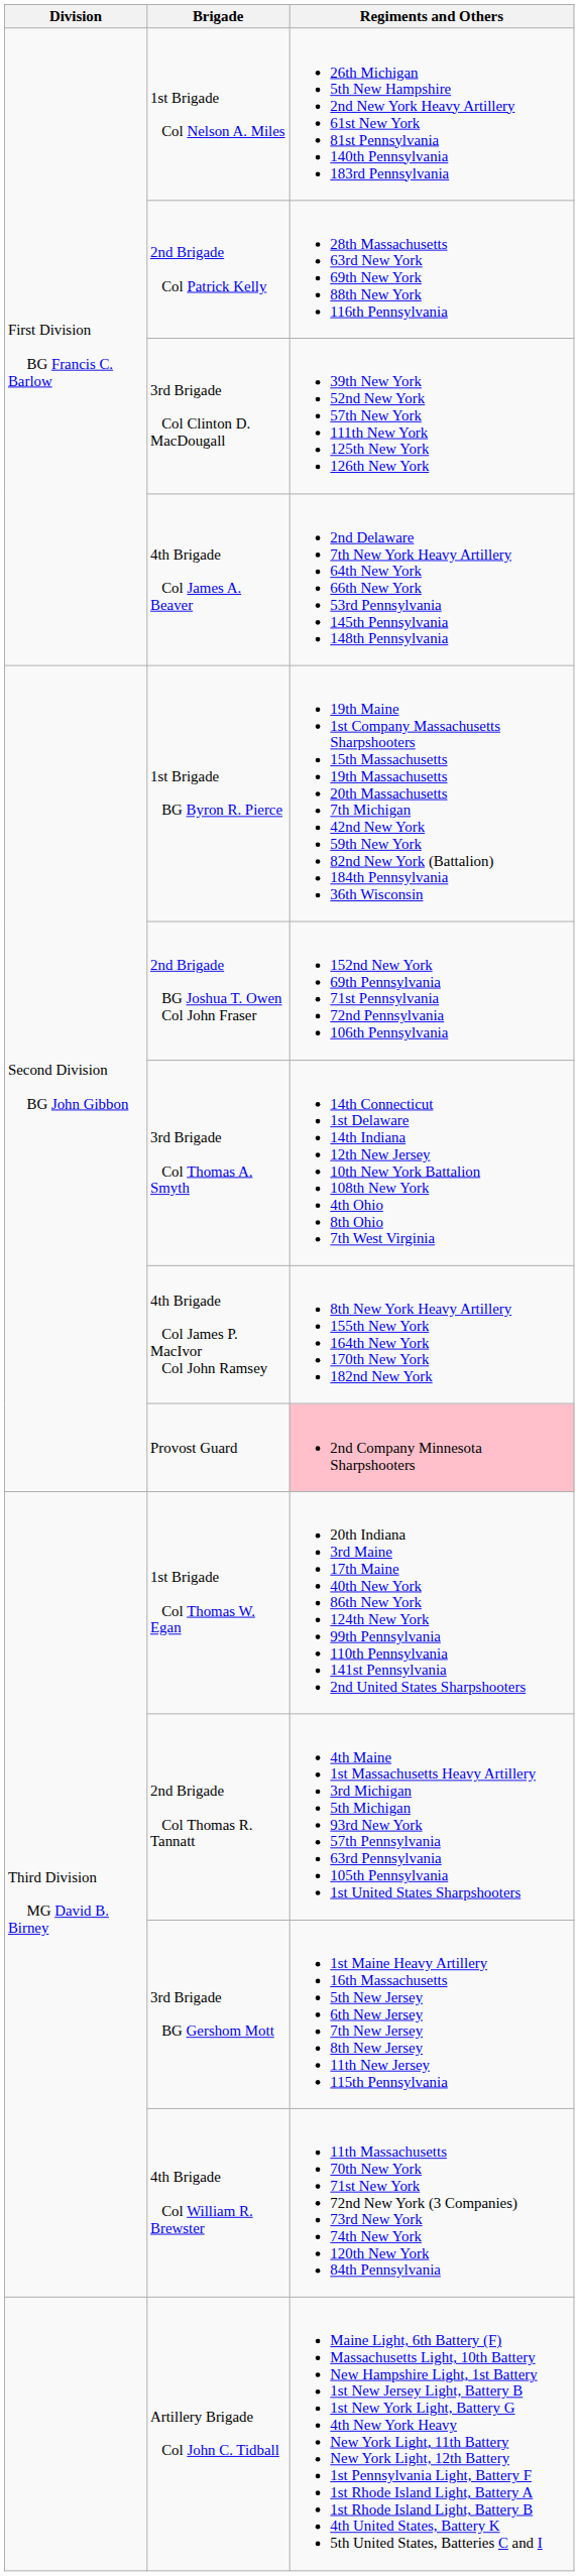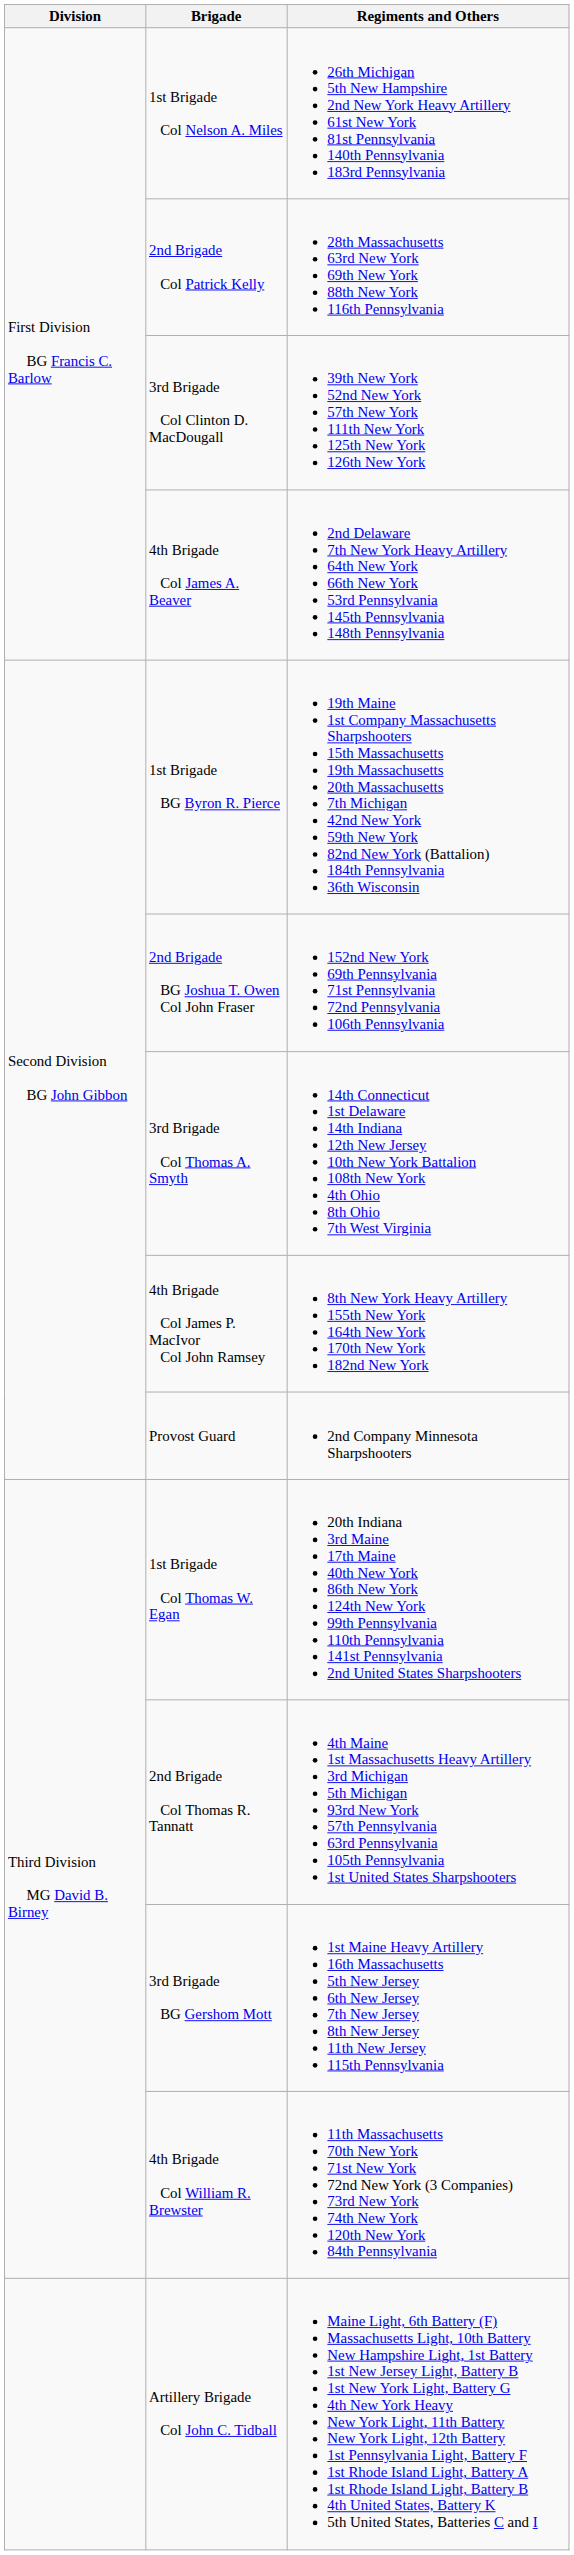 <table class="wikitable">
 <tr>
 <th width=25%>Division</th>
 <th width=25%>Brigade</th>
 <th>Regiments and Others</th>
 </tr>
 <tr>
 <td rowspan=4><br>First Division<br> <br>     BG <a href='#'>Francis C. Barlow</a></td>
 <td>1st Brigade<br><br>   Col <a href='#'>Nelson A. Miles</a></td>
 <td><br><ul><li><a href='#'>26th Michigan</a></li><li><a href='#'>5th New Hampshire</a></li><li><a href='#'>2nd New York Heavy Artillery</a></li><li><a href='#'>61st New York</a></li><li><a href='#'>81st Pennsylvania</a></li><li><a href='#'>140th Pennsylvania</a></li><li><a href='#'>183rd Pennsylvania</a></li></ul></td>
 </tr>
 <tr>
 <td><a href='#'>2nd Brigade</a><br><br>   Col <a href='#'>Patrick Kelly</a></td>
 <td><br><ul><li><a href='#'>28th Massachusetts</a></li><li><a href='#'>63rd New York</a></li><li><a href='#'>69th New York</a></li><li><a href='#'>88th New York</a></li><li><a href='#'>116th Pennsylvania</a></li></ul></td>
 </tr>
 <tr>
 <td>3rd Brigade<br><br>   Col Clinton D. MacDougall</td>
 <td><br><ul><li><a href='#'>39th New York</a></li><li><a href='#'>52nd New York</a></li><li><a href='#'>57th New York</a></li><li><a href='#'>111th New York</a></li><li><a href='#'>125th New York</a></li><li><a href='#'>126th New York</a></li></ul></td>
 </tr>
 <tr>
 <td>4th Brigade<br><br>   Col <a href='#'>James A. Beaver</a></td>
 <td><br><ul><li><a href='#'>2nd Delaware</a></li><li><a href='#'>7th New York Heavy Artillery</a></li><li><a href='#'>64th New York</a></li><li><a href='#'>66th New York</a></li><li><a href='#'>53rd Pennsylvania</a></li><li><a href='#'>145th Pennsylvania</a></li><li><a href='#'>148th Pennsylvania</a></li></ul></td>
 </tr>
 <tr>
 <td rowspan=5><br>Second Division<br> <br>     BG <a href='#'>John Gibbon</a></td>
 <td>1st Brigade<br><br>   BG <a href='#'>Byron R. Pierce</a></td>
 <td><br><ul><li><a href='#'>19th Maine</a></li><li><a href='#'>1st Company Massachusetts Sharpshooters</a></li><li><a href='#'>15th Massachusetts</a></li><li><a href='#'>19th Massachusetts</a></li><li><a href='#'>20th Massachusetts</a></li><li><a href='#'>7th Michigan</a></li><li><a href='#'>42nd New York</a></li><li><a href='#'>59th New York</a></li><li><a href='#'>82nd New York</a> (Battalion)</li><li><a href='#'>184th Pennsylvania</a></li><li><a href='#'>36th Wisconsin</a></li></ul></td>
 </tr>
 <tr>
 <td><a href='#'>2nd Brigade</a><br><br>   BG <a href='#'>Joshua T. Owen</a> <br>   Col John Fraser</td>
 <td><br><ul><li><a href='#'>152nd New York</a></li><li><a href='#'>69th Pennsylvania</a></li><li><a href='#'>71st Pennsylvania</a></li><li><a href='#'>72nd Pennsylvania</a></li><li><a href='#'>106th Pennsylvania</a></li></ul></td>
 </tr>
 <tr>
 <td>3rd Brigade<br><br>   Col <a href='#'>Thomas A. Smyth</a></td>
 <td><br><ul><li><a href='#'>14th Connecticut</a></li><li><a href='#'>1st Delaware</a></li><li><a href='#'>14th Indiana</a></li><li><a href='#'>12th New Jersey</a></li><li><a href='#'>10th New York Battalion</a></li><li><a href='#'>108th New York</a></li><li><a href='#'>4th Ohio</a></li><li><a href='#'>8th Ohio</a></li><li><a href='#'>7th West Virginia</a></li></ul></td>
 </tr>
 <tr>
 <td>4th Brigade<br><br>   Col James P. MacIvor <br>   Col John Ramsey</td>
 <td><br><ul><li><a href='#'>8th New York Heavy Artillery</a></li><li><a href='#'>155th New York</a></li><li><a href='#'>164th New York</a></li><li><a href='#'>170th New York</a></li><li><a href='#'>182nd New York</a></li></ul></td>
 </tr>
 <tr>
 <td>Provost Guard</td>
-<td style="background: pink;"><br><ul><li>2nd Company Minnesota Sharpshooters</li></ul></td>
+<td><br><ul><li>2nd Company Minnesota Sharpshooters</li></ul></td>
 </tr>
 <tr>
 <td rowspan=4><br>Third Division<br> <br>     MG <a href='#'>David B. Birney</a></td>
 <td>1st Brigade<br><br>   Col <a href='#'>Thomas W. Egan</a></td>
 <td><br><ul><li>20th Indiana</li><li><a href='#'>3rd Maine</a></li><li><a href='#'>17th Maine</a></li><li><a href='#'>40th New York</a></li><li><a href='#'>86th New York</a></li><li><a href='#'>124th New York</a></li><li><a href='#'>99th Pennsylvania</a></li><li><a href='#'>110th Pennsylvania</a></li><li><a href='#'>141st Pennsylvania</a></li><li><a href='#'>2nd United States Sharpshooters</a></li></ul></td>
 </tr>
 <tr>
 <td>2nd Brigade<br><br>   Col Thomas R. Tannatt</td>
 <td><br><ul><li><a href='#'>4th Maine</a></li><li><a href='#'>1st Massachusetts Heavy Artillery</a></li><li><a href='#'>3rd Michigan</a></li><li><a href='#'>5th Michigan</a></li><li><a href='#'>93rd New York</a></li><li><a href='#'>57th Pennsylvania</a></li><li><a href='#'>63rd Pennsylvania</a></li><li><a href='#'>105th Pennsylvania</a></li><li><a href='#'>1st United States Sharpshooters</a></li></ul></td>
 </tr>
 <tr>
 <td>3rd Brigade<br><br>   BG <a href='#'>Gershom Mott</a></td>
 <td><br><ul><li><a href='#'>1st Maine Heavy Artillery</a></li><li><a href='#'>16th Massachusetts</a></li><li><a href='#'>5th New Jersey</a></li><li><a href='#'>6th New Jersey</a></li><li><a href='#'>7th New Jersey</a></li><li><a href='#'>8th New Jersey</a></li><li><a href='#'>11th New Jersey</a></li><li><a href='#'>115th Pennsylvania</a></li></ul></td>
 </tr>
 <tr>
 <td>4th Brigade<br><br>   Col <a href='#'>William R. Brewster</a></td>
 <td><br><ul><li><a href='#'>11th Massachusetts</a></li><li><a href='#'>70th New York</a></li><li><a href='#'>71st New York</a></li><li>72nd New York (3 Companies)</li><li><a href='#'>73rd New York</a></li><li><a href='#'>74th New York</a></li><li><a href='#'>120th New York</a></li><li><a href='#'>84th Pennsylvania</a></li></ul></td>
 </tr>
 <tr>
 <td></td>
 <td>Artillery Brigade<br><br>   Col <a href='#'>John C. Tidball</a></td>
 <td><br><ul><li><a href='#'>Maine Light, 6th Battery (F)</a></li><li><a href='#'>Massachusetts Light, 10th Battery</a></li><li><a href='#'>New Hampshire Light, 1st Battery</a></li><li><a href='#'>1st New Jersey Light, Battery B</a></li><li><a href='#'>1st New York Light, Battery G</a></li><li><a href='#'>4th New York Heavy</a></li><li><a href='#'>New York Light, 11th Battery</a></li><li><a href='#'>New York Light, 12th Battery</a></li><li><a href='#'>1st Pennsylvania Light, Battery F</a></li><li><a href='#'>1st Rhode Island Light, Battery A</a></li><li><a href='#'>1st Rhode Island Light, Battery B</a></li><li><a href='#'>4th United States, Battery K</a></li><li>5th United States, Batteries <a href='#'>C</a> and <a href='#'>I</a></li></ul></td>
 </tr>
 </table>
